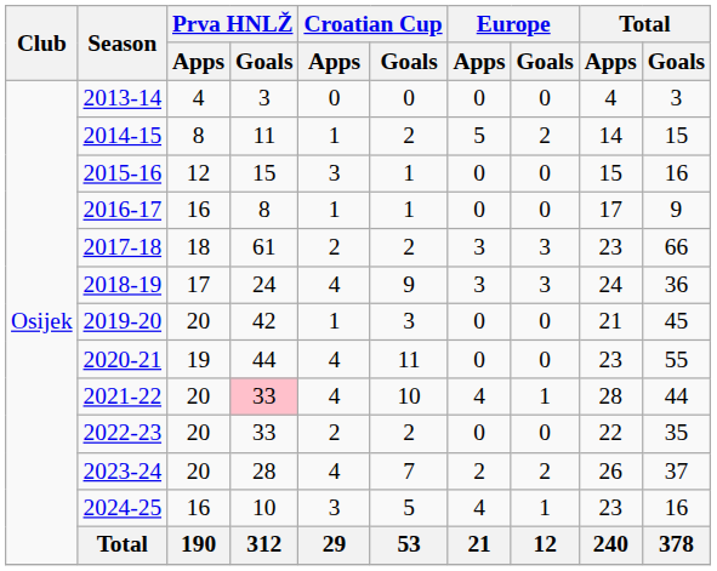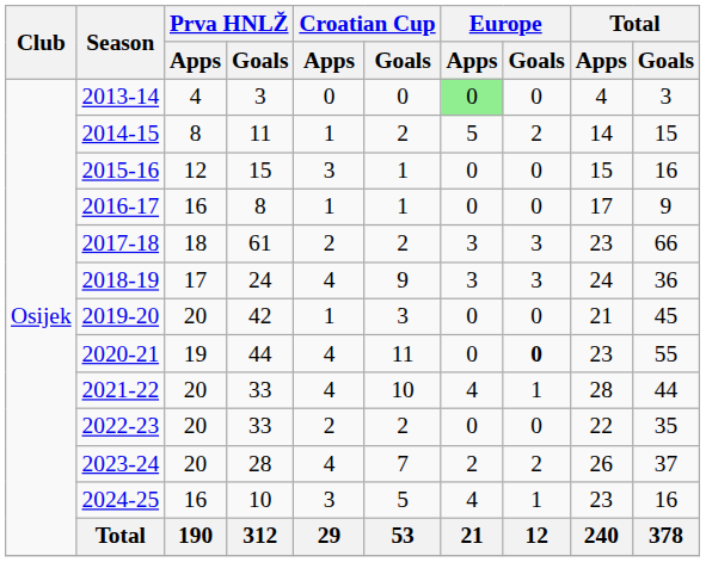 <table class="wikitable" style="font-size:100%; text-align: center;">
 <tr>
 <th rowspan=2>Club</th>
 <th rowspan=2>Season</th>
 <th colspan=2><a href='#'>Prva HNLŽ</a></th>
 <th colspan=2><a href='#'>Croatian Cup</a></th>
 <th colspan=2><a href='#'>Europe</a></th>
 <th colspan=2>Total</th>
 </tr>
 <tr>
 <th>Apps</th>
 <th>Goals</th>
 <th>Apps</th>
 <th>Goals</th>
 <th>Apps</th>
 <th>Goals</th>
 <th>Apps</th>
 <th>Goals</th>
 </tr>
 <tr>
 <td rowspan=13><a href='#'>Osijek</a></td>
 <td><a href='#'>2013-14</a></td>
 <td>4</td>
 <td>3</td>
 <td>0</td>
 <td>0</td>
-<td>0</td>
+<td style="background: lightgreen;">0</td>
 <td>0</td>
 <td>4</td>
 <td>3</td>
 </tr>
 <tr>
 <td><a href='#'>2014-15</a></td>
 <td>8</td>
 <td>11</td>
 <td>1</td>
 <td>2</td>
 <td>5</td>
 <td>2</td>
 <td>14</td>
 <td>15</td>
 </tr>
 <tr>
 <td><a href='#'>2015-16</a></td>
 <td>12</td>
 <td>15</td>
 <td>3</td>
 <td>1</td>
 <td>0</td>
 <td>0</td>
 <td>15</td>
 <td>16</td>
 </tr>
 <tr>
 <td><a href='#'>2016-17</a></td>
 <td>16</td>
 <td>8</td>
 <td>1</td>
 <td>1</td>
 <td>0</td>
 <td>0</td>
 <td>17</td>
 <td>9</td>
 </tr>
 <tr>
 <td><a href='#'>2017-18</a></td>
 <td>18</td>
 <td>61</td>
 <td>2</td>
 <td>2</td>
 <td>3</td>
 <td>3</td>
 <td>23</td>
 <td>66</td>
 </tr>
 <tr>
 <td><a href='#'>2018-19</a></td>
 <td>17</td>
 <td>24</td>
 <td>4</td>
 <td>9</td>
 <td>3</td>
 <td>3</td>
 <td>24</td>
 <td>36</td>
 </tr>
 <tr>
 <td><a href='#'>2019-20</a></td>
 <td>20</td>
 <td>42</td>
 <td>1</td>
 <td>3</td>
 <td>0</td>
 <td>0</td>
 <td>21</td>
 <td>45</td>
 </tr>
 <tr>
 <td><a href='#'>2020-21</a></td>
 <td>19</td>
 <td>44</td>
 <td>4</td>
 <td>11</td>
 <td>0</td>
-<td>0</td>
+<td><strong>0</strong></td>
 <td>23</td>
 <td>55</td>
 </tr>
 <tr>
 <td><a href='#'>2021-22</a></td>
 <td>20</td>
-<td style="background: pink;">33</td>
+<td>33</td>
 <td>4</td>
 <td>10</td>
 <td>4</td>
 <td>1</td>
 <td>28</td>
 <td>44</td>
 </tr>
 <tr>
 <td><a href='#'>2022-23</a></td>
 <td>20</td>
 <td>33</td>
 <td>2</td>
 <td>2</td>
 <td>0</td>
 <td>0</td>
 <td>22</td>
 <td>35</td>
 </tr>
 <tr>
 <td><a href='#'>2023-24</a></td>
 <td>20</td>
 <td>28</td>
 <td>4</td>
 <td>7</td>
 <td>2</td>
 <td>2</td>
 <td>26</td>
 <td>37</td>
 </tr>
 <tr>
 <td><a href='#'>2024-25</a></td>
 <td>16</td>
 <td>10</td>
 <td>3</td>
 <td>5</td>
 <td>4</td>
 <td>1</td>
 <td>23</td>
 <td>16</td>
 </tr>
 <tr>
 <th>Total</th>
 <th>190</th>
 <th>312</th>
 <th>29</th>
 <th>53</th>
 <th>21</th>
 <th>12</th>
 <th>240</th>
 <th>378</th>
 </tr>
 <tr>
 </tr>
 </table>
